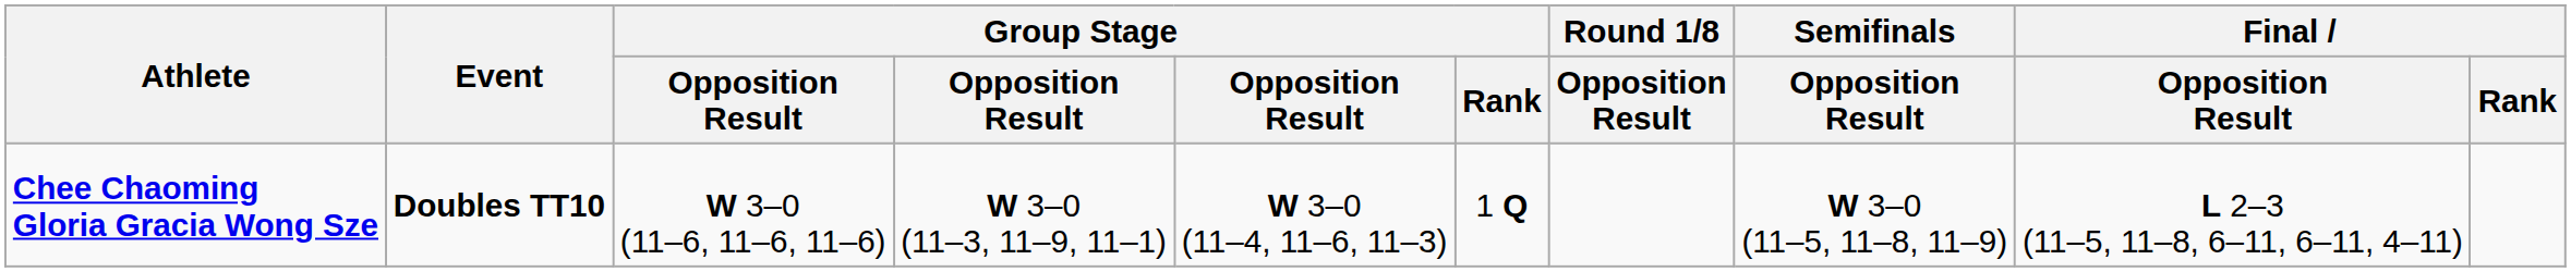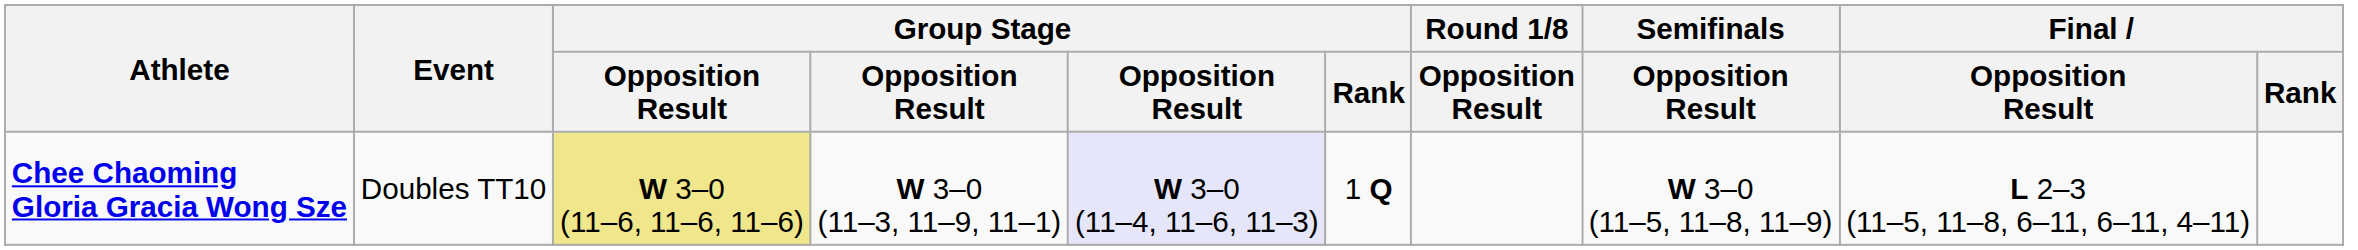 <table class=wikitable style="font-size:95%">
 <tr>
 <th rowspan="2">Athlete</th>
 <th rowspan="2">Event</th>
 <th colspan="4">Group Stage</th>
 <th>Round 1/8</th>
 <th>Semifinals</th>
 <th colspan="2">Final / </th>
 </tr>
 <tr>
 <th>Opposition<br>Result</th>
 <th>Opposition<br>Result</th>
 <th>Opposition<br>Result</th>
 <th>Rank</th>
 <th>Opposition<br>Result</th>
 <th>Opposition<br>Result</th>
 <th>Opposition<br>Result</th>
 <th>Rank</th>
 </tr>
 <tr align=center>
 <td align=left><strong><a href='#'>Chee Chaoming</a><br><a href='#'>Gloria Gracia Wong Sze</a></strong></td>
-<td align=left><strong>Doubles TT10</strong></td>
-<td><br><strong>W</strong> 3–0<br>(11–6, 11–6, 11–6)</td>
+<td align=left>Doubles TT10</td>
+<td style="background: khaki;"><br><strong>W</strong> 3–0<br>(11–6, 11–6, 11–6)</td>
 <td><br><strong>W</strong> 3–0<br>(11–3, 11–9, 11–1)</td>
-<td><br><strong>W</strong> 3–0<br>(11–4, 11–6, 11–3)</td>
+<td style="background: lavender;"><br><strong>W</strong> 3–0<br>(11–4, 11–6, 11–3)</td>
 <td>1 <strong>Q</strong></td>
 <td></td>
 <td><br><strong>W</strong> 3–0<br>(11–5, 11–8, 11–9)</td>
 <td><br><strong>L</strong> 2–3<br>(11–5, 11–8, 6–11, 6–11, 4–11)</td>
 <td></td>
 </tr>
 </table>
